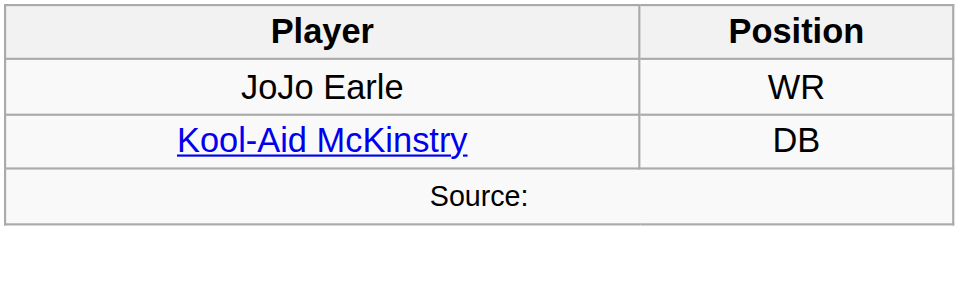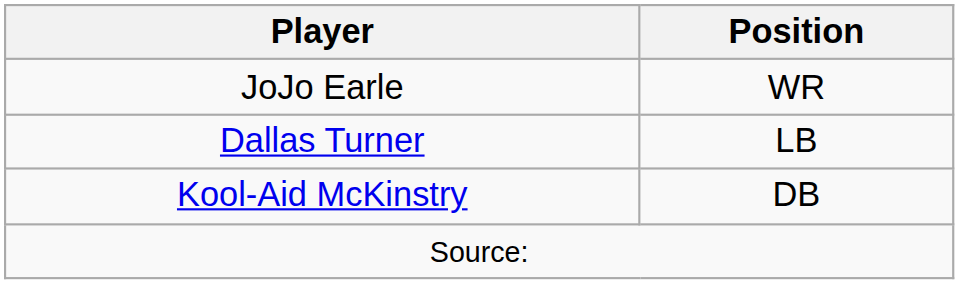 <table class="wikitable" style="width: 50%;text-align: center;">
 <tr>
 <th>Player</th>
 <th>Position</th>
 </tr>
 <tr align="center">
 <td>JoJo Earle</td>
 <td>WR</td>
 </tr>
 <tr>
+<td><a href='#'>Dallas Turner</a></td>
+<td>LB</td>
+</tr>
+<tr>
 <td><a href='#'>Kool-Aid McKinstry</a></td>
 <td>DB</td>
 </tr>
 <tr>
 <td colspan="2"><small>Source:</small></td>
 </tr>
 </table>
